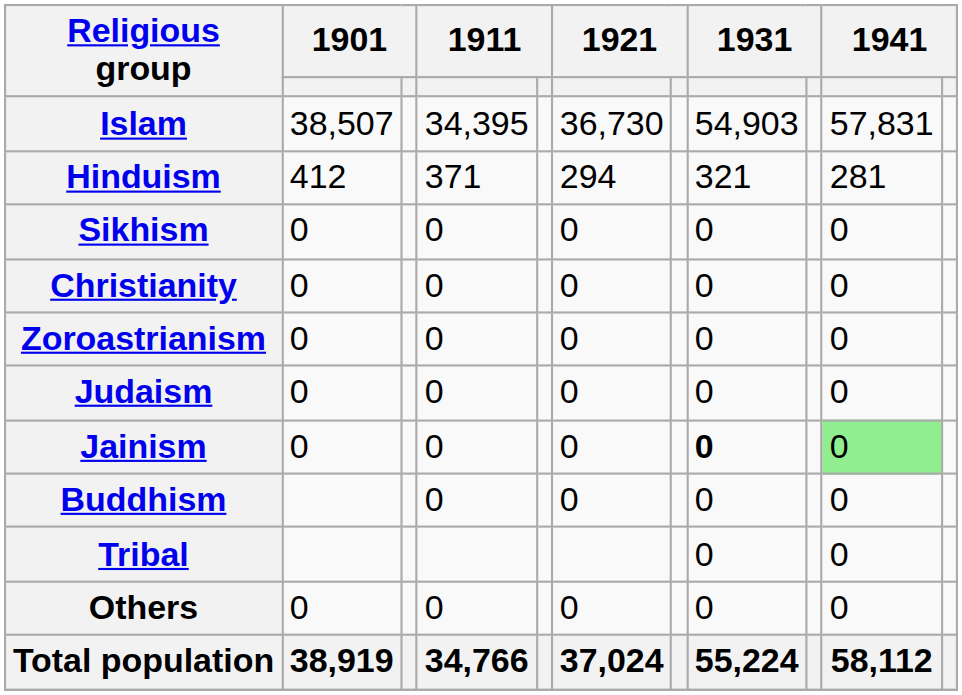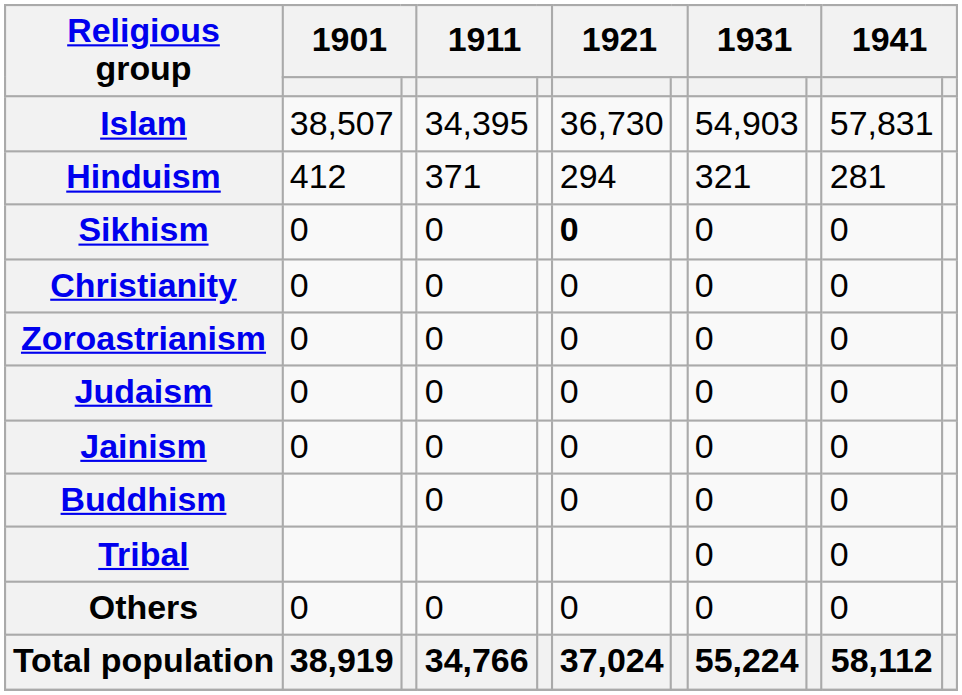 <table class="wikitable sortable">
 <tr>
 <th rowspan="2"><a href='#'>Religious</a><br>group</th>
 <th colspan="2">1901</th>
 <th colspan="2">1911</th>
 <th colspan="2">1921</th>
 <th colspan="2">1931</th>
 <th colspan="2">1941</th>
 </tr>
 <tr>
 <th><a href='#'></a></th>
 <th></th>
 <th></th>
 <th></th>
 <th></th>
 <th></th>
 <th></th>
 <th></th>
 <th></th>
 <th></th>
 </tr>
 <tr>
 <th><a href='#'>Islam</a> </th>
 <td>38,507</td>
 <td></td>
 <td>34,395</td>
 <td></td>
 <td>36,730</td>
 <td></td>
 <td>54,903</td>
 <td></td>
 <td>57,831</td>
 <td></td>
 </tr>
 <tr>
 <th><a href='#'>Hinduism</a> </th>
 <td>412</td>
 <td></td>
 <td>371</td>
 <td></td>
 <td>294</td>
 <td></td>
 <td>321</td>
 <td></td>
 <td>281</td>
 <td></td>
 </tr>
 <tr>
 <th><a href='#'>Sikhism</a> </th>
 <td>0</td>
 <td></td>
 <td>0</td>
 <td></td>
-<td>0</td>
+<td><strong>0</strong></td>
 <td></td>
 <td>0</td>
 <td></td>
 <td>0</td>
 <td></td>
 </tr>
 <tr>
 <th><a href='#'>Christianity</a> </th>
 <td>0</td>
 <td></td>
 <td>0</td>
 <td></td>
 <td>0</td>
 <td></td>
 <td>0</td>
 <td></td>
 <td>0</td>
 <td></td>
 </tr>
 <tr>
 <th><a href='#'>Zoroastrianism</a> </th>
 <td>0</td>
 <td></td>
 <td>0</td>
 <td></td>
 <td>0</td>
 <td></td>
 <td>0</td>
 <td></td>
 <td>0</td>
 <td></td>
 </tr>
 <tr>
 <th><a href='#'>Judaism</a> </th>
 <td>0</td>
 <td></td>
 <td>0</td>
 <td></td>
 <td>0</td>
 <td></td>
 <td>0</td>
 <td></td>
 <td>0</td>
 <td></td>
 </tr>
 <tr>
 <th><a href='#'>Jainism</a> </th>
 <td>0</td>
 <td></td>
 <td>0</td>
 <td></td>
 <td>0</td>
 <td></td>
-<td><strong>0</strong></td>
+<td>0</td>
 <td></td>
-<td style="background: lightgreen;">0</td>
+<td>0</td>
 <td></td>
 </tr>
 <tr>
 <th><a href='#'>Buddhism</a> </th>
 <td></td>
 <td></td>
 <td>0</td>
 <td></td>
 <td>0</td>
 <td></td>
 <td>0</td>
 <td></td>
 <td>0</td>
 <td></td>
 </tr>
 <tr>
 <th><a href='#'>Tribal</a></th>
 <td></td>
 <td></td>
 <td></td>
 <td></td>
 <td></td>
 <td></td>
 <td>0</td>
 <td></td>
 <td>0</td>
 <td></td>
 </tr>
 <tr>
 <th>Others</th>
 <td>0</td>
 <td></td>
 <td>0</td>
 <td></td>
 <td>0</td>
 <td></td>
 <td>0</td>
 <td></td>
 <td>0</td>
 <td></td>
 </tr>
 <tr>
 <th>Total population</th>
 <th>38,919</th>
 <th></th>
 <th>34,766</th>
 <th></th>
 <th>37,024</th>
 <th></th>
 <th>55,224</th>
 <th></th>
 <th>58,112</th>
 <th></th>
 </tr>
 <tr class="sortbottom">
 </tr>
 </table>
